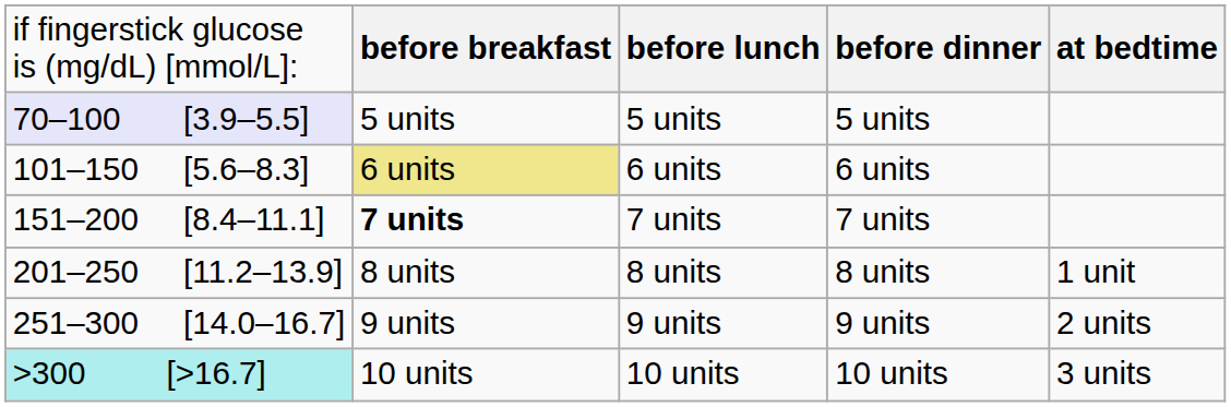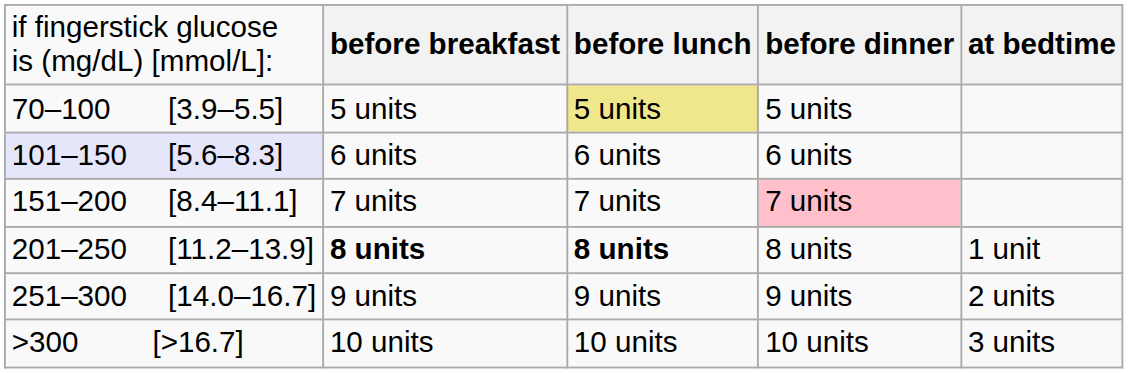 <table class="wikitable">
 <tr>
 <td>if fingerstick glucose <br>is (mg/dL) [mmol/L]:</td>
 <th>before breakfast</th>
 <th>before lunch</th>
 <th>before dinner</th>
 <th>at bedtime</th>
 </tr>
 <tr>
-<td style="background: lavender;">70–100       [3.9–5.5]</td>
+<td>70–100       [3.9–5.5]</td>
 <td>5 units</td>
-<td>5 units</td>
+<td style="background: khaki;">5 units</td>
 <td>5 units</td>
 <td></td>
 </tr>
 <tr>
-<td>101–150     [5.6–8.3]</td>
-<td style="background: khaki;">6 units</td>
+<td style="background: lavender;">101–150     [5.6–8.3]</td>
+<td>6 units</td>
 <td>6 units</td>
 <td>6 units</td>
 <td></td>
 </tr>
 <tr>
 <td>151–200     [8.4–11.1]</td>
-<td><strong>7 units</strong></td>
 <td>7 units</td>
 <td>7 units</td>
+<td style="background: pink;">7 units</td>
 <td></td>
 </tr>
 <tr>
 <td>201–250     [11.2–13.9]</td>
-<td>8 units</td>
-<td>8 units</td>
+<td><strong>8 units</strong></td>
+<td><strong>8 units</strong></td>
 <td>8 units</td>
 <td>1 unit</td>
 </tr>
 <tr>
 <td>251–300     [14.0–16.7]</td>
 <td>9 units</td>
 <td>9 units</td>
 <td>9 units</td>
 <td>2 units</td>
 </tr>
 <tr>
-<td style="background: paleturquoise;">>300         [>16.7]</td>
+<td>>300         [>16.7]</td>
 <td>10 units</td>
 <td>10 units</td>
 <td>10 units</td>
 <td>3 units</td>
 </tr>
 </table>
